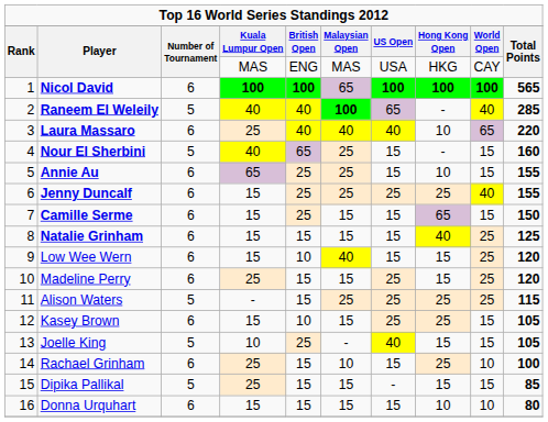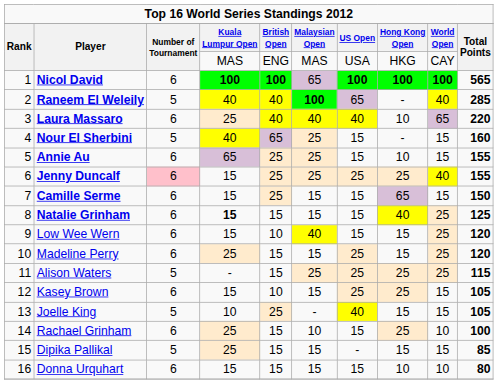 <table class="wikitable">
 <tr>
 <td colspan=11 align="center"><strong>Top 16 World Series Standings 2012</strong></td>
 </tr>
 <tr>
 </tr>
 <tr style="font-size:10pt;font-weight:bold">
 <th rowspan=2 align="center">Rank</th>
 <th rowspan=2 align="center">Player</th>
 <th rowspan=2 align="center"><small>Number of<br>Tournament</small></th>
 <th><small><a href='#'>Kuala<br>Lumpur Open</a></small></th>
 <th><small><a href='#'>British<br>Open</a></small></th>
 <th><small><a href='#'>Malaysian<br>Open</a></small></th>
 <th><small><a href='#'>US Open</a></small></th>
 <th><small><a href='#'>Hong Kong<br>Open</a></small></th>
 <th><small><a href='#'>World<br>Open</a></small></th>
 <th rowspan=2 align="center">Total<br>Points</th>
 </tr>
 <tr>
 <td align="center">MAS </td>
 <td align="center">ENG </td>
 <td align="center">MAS </td>
 <td align="center">USA </td>
 <td align="center">HKG </td>
 <td align="center">CAY </td>
 </tr>
 <tr>
 <td align=right>1</td>
 <td> <strong><a href='#'>Nicol David</a></strong></td>
 <td align=center>6</td>
 <td align=center style="background:#00ff00"><strong>100</strong></td>
 <td align=center style="background:#00ff00"><strong>100</strong></td>
 <td align=center style="background:#D8BFD8;">65</td>
 <td align=center style="background:#00ff00"><strong>100</strong></td>
 <td align=center style="background:#00ff00"><strong>100</strong></td>
 <td align=center style="background:#00ff00"><strong>100</strong></td>
 <td align=right><strong>565</strong></td>
 </tr>
 <tr>
 <td align=right>2</td>
 <td> <strong><a href='#'>Raneem El Weleily</a></strong></td>
 <td align=center>5</td>
 <td align=center style="background:yellow;">40</td>
 <td align=center style="background:yellow;">40</td>
 <td align=center style="background:#00ff00"><strong>100</strong></td>
 <td align=center style="background:#D8BFD8;">65</td>
 <td align=center>-</td>
 <td align=center style="background:yellow;">40</td>
 <td align=right><strong>285</strong></td>
 </tr>
 <tr>
 <td align=right>3</td>
 <td> <strong><a href='#'>Laura Massaro</a></strong></td>
 <td align=center>6</td>
 <td align=center style="background:#ffebcd;">25</td>
 <td align=center style="background:yellow;">40</td>
 <td align=center style="background:yellow;">40</td>
 <td align=center style="background:yellow;">40</td>
 <td align=center>10</td>
 <td align=center style="background:#D8BFD8;">65</td>
 <td align=right><strong>220</strong></td>
 </tr>
 <tr>
 <td align=right>4</td>
 <td> <strong><a href='#'>Nour El Sherbini</a></strong></td>
 <td align=center>5</td>
 <td align=center style="background:yellow;">40</td>
 <td align=center style="background:#D8BFD8;">65</td>
 <td align=center style="background:#ffebcd;">25</td>
 <td align=center>15</td>
 <td align=center>-</td>
 <td align=center>15</td>
 <td align=right><strong>160</strong></td>
 </tr>
 <tr>
 <td align=right>5</td>
 <td> <strong><a href='#'>Annie Au</a></strong></td>
 <td align=center>6</td>
 <td align=center style="background:#D8BFD8;">65</td>
 <td align=center style="background:#ffebcd;">25</td>
 <td align=center style="background:#ffebcd;">25</td>
 <td align=center>15</td>
 <td align=center>10</td>
 <td align=center>15</td>
 <td align=right><strong>155</strong></td>
 </tr>
 <tr>
 <td align=right>6</td>
 <td> <strong><a href='#'>Jenny Duncalf</a></strong></td>
-<td align=center>6</td>
+<td align=center style="background: pink;">6</td>
 <td align=center>15</td>
 <td align=center style="background:#ffebcd;">25</td>
 <td align=center style="background:#ffebcd;">25</td>
 <td align=center style="background:#ffebcd;">25</td>
 <td align=center style="background:#ffebcd;">25</td>
 <td align=center style="background:yellow;">40</td>
 <td align=right><strong>155</strong></td>
 </tr>
 <tr>
 <td align=right>7</td>
 <td> <strong><a href='#'>Camille Serme</a></strong></td>
 <td align=center>6</td>
 <td align=center>15</td>
 <td align=center style="background:#ffebcd;">25</td>
 <td align=center>15</td>
 <td align=center>15</td>
 <td align=center style="background:#D8BFD8;">65</td>
 <td align=center>15</td>
 <td align=right><strong>150</strong></td>
 </tr>
 <tr>
 <td align=right>8</td>
 <td> <strong><a href='#'>Natalie Grinham</a></strong></td>
 <td align=center>6</td>
-<td align=center>15</td>
+<td align=center><strong>15</strong></td>
 <td align=center>15</td>
 <td align=center>15</td>
 <td align=center>15</td>
 <td align=center style="background:yellow;">40</td>
 <td align=center style="background:#ffebcd;">25</td>
 <td align=right><strong>125</strong></td>
 </tr>
 <tr>
 <td align=right>9</td>
 <td> <a href='#'>Low Wee Wern</a></td>
 <td align=center>6</td>
 <td align=center>15</td>
 <td align=center>10</td>
 <td align=center style="background:yellow;">40</td>
 <td align=center>15</td>
 <td align=center>15</td>
 <td align=center style="background:#ffebcd;">25</td>
 <td align=right><strong>120</strong></td>
 </tr>
 <tr>
 <td align=right>10</td>
 <td> <a href='#'>Madeline Perry</a></td>
 <td align=center>6</td>
 <td align=center style="background:#ffebcd;">25</td>
 <td align=center>15</td>
 <td align=center>15</td>
 <td align=center style="background:#ffebcd;">25</td>
 <td align=center>15</td>
 <td align=center style="background:#ffebcd;">25</td>
 <td align=right><strong>120</strong></td>
 </tr>
 <tr>
 <td align=right>11</td>
 <td> <a href='#'>Alison Waters</a></td>
 <td align=center>5</td>
 <td align=center>-</td>
 <td align=center>15</td>
 <td align=center style="background:#ffebcd;">25</td>
 <td align=center style="background:#ffebcd;">25</td>
 <td align=center style="background:#ffebcd;">25</td>
 <td align=center style="background:#ffebcd;">25</td>
 <td align=right><strong>115</strong></td>
 </tr>
 <tr>
 <td align=right>12</td>
 <td> <a href='#'>Kasey Brown</a></td>
 <td align=center>6</td>
 <td align=center>15</td>
 <td align=center>10</td>
 <td align=center>15</td>
 <td align=center style="background:#ffebcd;">25</td>
 <td align=center style="background:#ffebcd;">25</td>
 <td align=center>15</td>
 <td align=right><strong>105</strong></td>
 </tr>
 <tr>
 <td align=right>13</td>
 <td> <a href='#'>Joelle King</a></td>
 <td align=center>5</td>
 <td align=center>10</td>
 <td align=center style="background:#ffebcd;">25</td>
 <td align=center>-</td>
 <td align=center style="background:yellow;">40</td>
 <td align=center>15</td>
 <td align=center>15</td>
 <td align=right><strong>105</strong></td>
 </tr>
 <tr>
 <td align=right>14</td>
 <td> <a href='#'>Rachael Grinham</a></td>
 <td align=center>6</td>
 <td align=center style="background:#ffebcd;">25</td>
 <td align=center>15</td>
 <td align=center>10</td>
 <td align=center>15</td>
 <td align=center style="background:#ffebcd;">25</td>
 <td align=center>10</td>
 <td align=right><strong>100</strong></td>
 </tr>
 <tr>
 <td align=right>15</td>
 <td> <a href='#'>Dipika Pallikal</a></td>
 <td align=center>5</td>
 <td align=center style="background:#ffebcd;">25</td>
 <td align=center>15</td>
 <td align=center>15</td>
 <td align=center>-</td>
 <td align=center>15</td>
 <td align=center>15</td>
 <td align=right><strong>85</strong></td>
 </tr>
 <tr>
 <td align=right>16</td>
 <td> <a href='#'>Donna Urquhart</a></td>
 <td align=center>6</td>
 <td align=center>15</td>
 <td align=center>15</td>
 <td align=center>15</td>
 <td align=center>15</td>
 <td align=center>10</td>
 <td align=center>10</td>
 <td align=right><strong>80</strong></td>
 </tr>
 <tr>
 </tr>
 </table>
